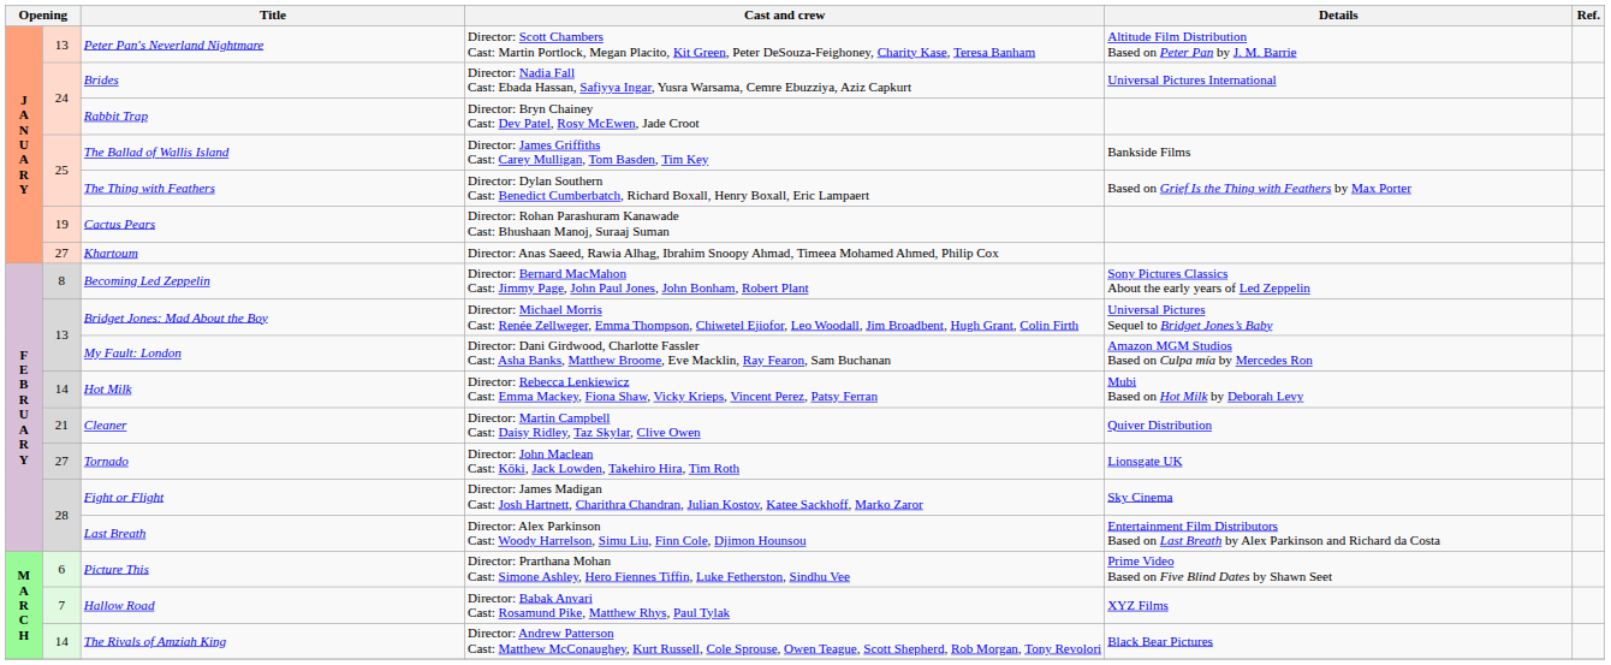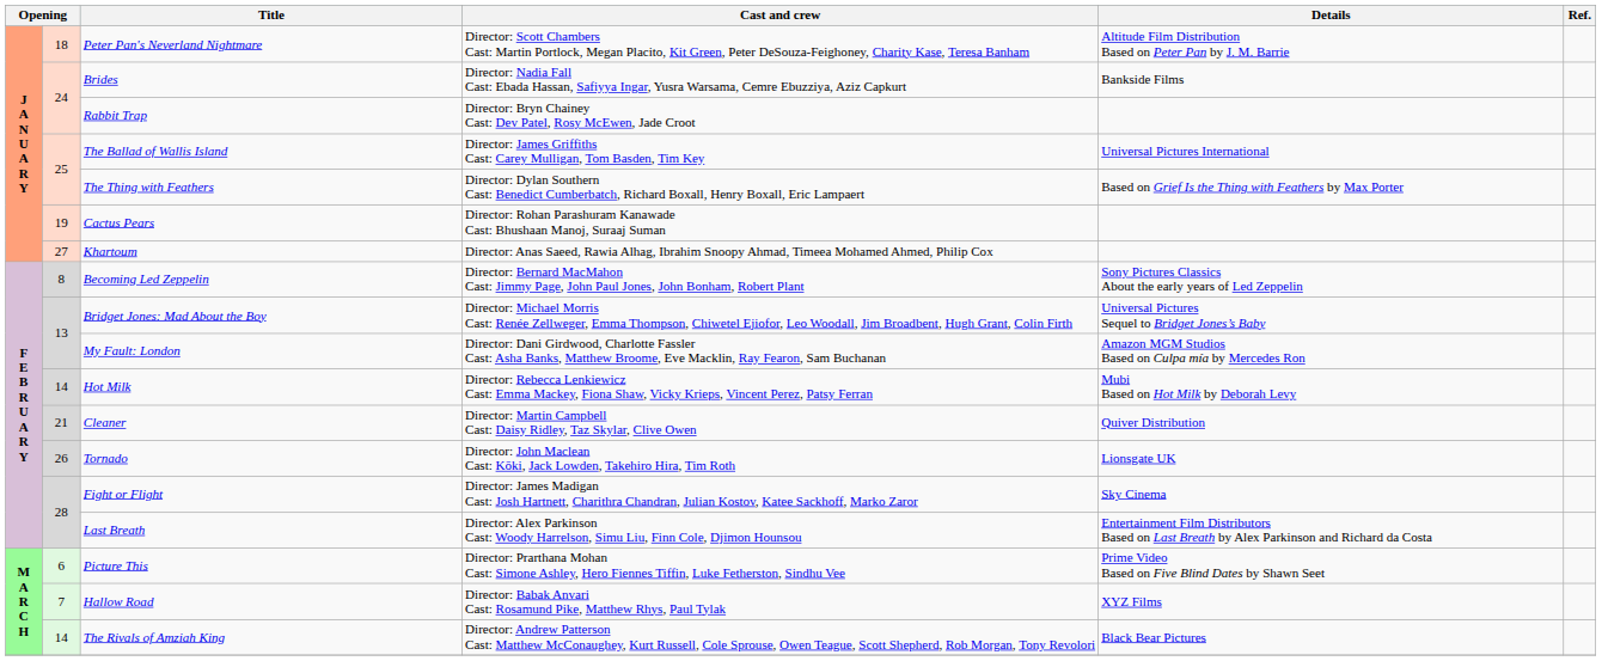 <table class="wikitable">
 <tr style="background:#b0e0e6; text-align:center;">
 <th colspan="2">Opening</th>
 <th style="width:24%;">Title</th>
 <th style="width:40%;">Cast and crew</th>
 <th>Details</th>
 <th style="width:2%;">Ref.</th>
 </tr>
 <tr>
 <th rowspan="7" style="text-align:center; background:#ffa07a; textcolor:#000;">J<br>A<br>N<br>U<br>A<br>R<br>Y</th>
-<td rowspan="1" style="text-align:center; background:#ffdacc;">13</td>
+<td rowspan="1" style="text-align:center; background:#ffdacc;">18</td>
 <td><em><a href='#'>Peter Pan's Neverland Nightmare</a></em></td>
 <td>Director: <a href='#'>Scott Chambers</a> <br> Cast: Martin Portlock, Megan Placito, <a href='#'>Kit Green</a>, Peter DeSouza-Feighoney, <a href='#'>Charity Kase</a>, <a href='#'>Teresa Banham</a></td>
 <td><a href='#'>Altitude Film Distribution</a> <br> Based on <em><a href='#'>Peter Pan</a></em> by <a href='#'>J. M. Barrie</a></td>
 <td></td>
 </tr>
 <tr>
 <td rowspan="2" style="text-align:center; background:#ffdacc;">24</td>
 <td><em><a href='#'>Brides</a></em></td>
 <td>Director: <a href='#'>Nadia Fall</a> <br> Cast: Ebada Hassan, <a href='#'>Safiyya Ingar</a>, Yusra Warsama, Cemre Ebuzziya, Aziz Capkurt</td>
-<td><a href='#'>Universal Pictures International</a></td>
+<td>Bankside Films</td>
 <td></td>
 </tr>
 <tr>
 <td><em><a href='#'>Rabbit Trap</a></em></td>
 <td>Director: Bryn Chainey <br> Cast: <a href='#'>Dev Patel</a>, <a href='#'>Rosy McEwen</a>, Jade Croot</td>
 <td></td>
 <td></td>
 </tr>
 <tr>
 <td rowspan="2" style="text-align:center; background:#ffdacc;">25</td>
 <td><em><a href='#'>The Ballad of Wallis Island</a></em></td>
 <td>Director: <a href='#'>James Griffiths</a> <br> Cast: <a href='#'>Carey Mulligan</a>, <a href='#'>Tom Basden</a>, <a href='#'>Tim Key</a></td>
-<td>Bankside Films</td>
+<td><a href='#'>Universal Pictures International</a></td>
 <td></td>
 </tr>
 <tr>
 <td><em><a href='#'>The Thing with Feathers</a></em></td>
 <td>Director: Dylan Southern <br> Cast: <a href='#'>Benedict Cumberbatch</a>, Richard Boxall, Henry Boxall, Eric Lampaert</td>
 <td>Based on <em><a href='#'>Grief Is the Thing with Feathers</a></em> by <a href='#'>Max Porter</a></td>
 <td></td>
 </tr>
 <tr>
 <td rowspan="1" style="text-align:center; background:#ffdacc;">19</td>
 <td><em><a href='#'>Cactus Pears</a></em></td>
 <td>Director: Rohan Parashuram Kanawade <br> Cast: Bhushaan Manoj, Suraaj Suman</td>
 <td></td>
 <td></td>
 </tr>
 <tr>
 <td rowspan="1" style="text-align:center; background:#ffdacc;">27</td>
 <td><em><a href='#'>Khartoum</a></em></td>
 <td>Director: Anas Saeed, Rawia Alhag, Ibrahim Snoopy Ahmad, Timeea Mohamed Ahmed, Philip Cox</td>
 <td></td>
 <td></td>
 </tr>
 <tr>
 <th rowspan="8" style="text-align:center; background:thistle; textcolor:#000;">F<br>E<br>B<br>R<br>U<br>A<br>R<br>Y</th>
 <td rowspan="1" style="text-align:center; background:#d8d8d8;">8</td>
 <td><em><a href='#'>Becoming Led Zeppelin</a></em></td>
 <td>Director: <a href='#'>Bernard MacMahon</a> <br> Cast: <a href='#'>Jimmy Page</a>, <a href='#'>John Paul Jones</a>, <a href='#'>John Bonham</a>, <a href='#'>Robert Plant</a></td>
 <td><a href='#'>Sony Pictures Classics</a> <br> About the early years of <a href='#'>Led Zeppelin</a></td>
 <td style="text-align:center"></td>
 </tr>
 <tr>
 <td rowspan="2" style="text-align:center; background:#d8d8d8;">13</td>
 <td><em><a href='#'>Bridget Jones: Mad About the Boy</a></em></td>
 <td>Director: <a href='#'>Michael Morris</a> <br> Cast: <a href='#'>Renée Zellweger</a>, <a href='#'>Emma Thompson</a>, <a href='#'>Chiwetel Ejiofor</a>, <a href='#'>Leo Woodall</a>, <a href='#'>Jim Broadbent</a>, <a href='#'>Hugh Grant</a>, <a href='#'>Colin Firth</a></td>
 <td><a href='#'>Universal Pictures</a> <br> Sequel to <em><a href='#'>Bridget Jones’s Baby</a></em></td>
 <td style="text-align:center"></td>
 </tr>
 <tr>
 <td><em><a href='#'>My Fault: London</a></em></td>
 <td>Director: Dani Girdwood, Charlotte Fassler <br> Cast: <a href='#'>Asha Banks</a>, <a href='#'>Matthew Broome</a>, Eve Macklin, <a href='#'>Ray Fearon</a>, Sam Buchanan</td>
 <td><a href='#'>Amazon MGM Studios</a> <br> Based on <em>Culpa mía</em> by <a href='#'>Mercedes Ron</a></td>
 <td style="text-align:center"></td>
 </tr>
 <tr>
 <td rowspan="1" style="text-align:center; background:#d8d8d8;">14</td>
 <td><em><a href='#'>Hot Milk</a></em></td>
 <td>Director: <a href='#'>Rebecca Lenkiewicz</a> <br> Cast: <a href='#'>Emma Mackey</a>, <a href='#'>Fiona Shaw</a>, <a href='#'>Vicky Krieps</a>, <a href='#'>Vincent Perez</a>, <a href='#'>Patsy Ferran</a></td>
 <td><a href='#'>Mubi</a> <br> Based on <em><a href='#'>Hot Milk</a></em> by <a href='#'>Deborah Levy</a></td>
 <td></td>
 </tr>
 <tr>
 <td rowspan="1" style="text-align:center; background:#d8d8d8;">21</td>
 <td><em><a href='#'>Cleaner</a></em></td>
 <td>Director: <a href='#'>Martin Campbell</a> <br> Cast: <a href='#'>Daisy Ridley</a>, <a href='#'>Taz Skylar</a>, <a href='#'>Clive Owen</a></td>
 <td><a href='#'>Quiver Distribution</a></td>
 <td style="text-align:center"></td>
 </tr>
 <tr>
-<td rowspan="1" style="text-align:center; background:#d8d8d8;">27</td>
+<td rowspan="1" style="text-align:center; background:#d8d8d8;">26</td>
 <td><em><a href='#'>Tornado</a></em></td>
 <td>Director: <a href='#'>John Maclean</a> <br> Cast: <a href='#'>Kōki</a>, <a href='#'>Jack Lowden</a>, <a href='#'>Takehiro Hira</a>, <a href='#'>Tim Roth</a></td>
 <td><a href='#'>Lionsgate UK</a></td>
 <td style="text-align:center"></td>
 </tr>
 <tr>
 <td rowspan="2" style="text-align:center; background:#d8d8d8;">28</td>
 <td><em><a href='#'>Fight or Flight</a></em></td>
 <td>Director: James Madigan <br> Cast: <a href='#'>Josh Hartnett</a>, <a href='#'>Charithra Chandran</a>, <a href='#'>Julian Kostov</a>, <a href='#'>Katee Sackhoff</a>, <a href='#'>Marko Zaror</a></td>
 <td><a href='#'>Sky Cinema</a></td>
 <td></td>
 </tr>
 <tr>
 <td><em><a href='#'>Last Breath</a></em></td>
 <td>Director: Alex Parkinson <br> Cast: <a href='#'>Woody Harrelson</a>, <a href='#'>Simu Liu</a>, <a href='#'>Finn Cole</a>, <a href='#'>Djimon Hounsou</a></td>
 <td><a href='#'>Entertainment Film Distributors</a> <br> Based on <em><a href='#'>Last Breath</a></em> by Alex Parkinson and Richard da Costa</td>
 <td></td>
 </tr>
 <tr>
 <th rowspan="3" style="text-align:center; background:#98fb98; textcolor:#000;">M<br>A<br>R<br>C<br>H</th>
 <td rowspan="1" style="text-align:center; background:#e0f9e0;">6</td>
 <td><em><a href='#'>Picture This</a></em></td>
 <td>Director: Prarthana Mohan <br> Cast: <a href='#'>Simone Ashley</a>, <a href='#'>Hero Fiennes Tiffin</a>, <a href='#'>Luke Fetherston</a>, <a href='#'>Sindhu Vee</a></td>
 <td><a href='#'>Prime Video</a> <br> Based on <em>Five Blind Dates</em> by Shawn Seet</td>
 <td></td>
 </tr>
 <tr>
 <td rowspan="1" style="text-align:center; background:#e0f9e0;">7</td>
 <td><em><a href='#'>Hallow Road</a></em></td>
 <td>Director: <a href='#'>Babak Anvari</a> <br> Cast: <a href='#'>Rosamund Pike</a>, <a href='#'>Matthew Rhys</a>, <a href='#'>Paul Tylak</a></td>
 <td><a href='#'>XYZ Films</a></td>
 <td></td>
 </tr>
 <tr>
 <td rowspan="1" style="text-align:center; background:#e0f9e0;">14</td>
 <td><em><a href='#'>The Rivals of Amziah King</a></em></td>
 <td>Director: <a href='#'>Andrew Patterson</a> <br> Cast: <a href='#'>Matthew McConaughey</a>, <a href='#'>Kurt Russell</a>, <a href='#'>Cole Sprouse</a>, <a href='#'>Owen Teague</a>, <a href='#'>Scott Shepherd</a>, <a href='#'>Rob Morgan</a>, <a href='#'>Tony Revolori</a></td>
 <td><a href='#'>Black Bear Pictures</a></td>
 <td></td>
 </tr>
 <tr>
 </tr>
 </table>
